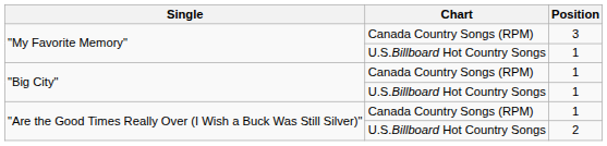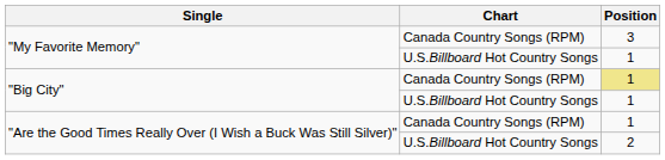 <table class="wikitable">
 <tr>
 <th>Single</th>
 <th>Chart</th>
 <th>Position</th>
 </tr>
 <tr>
 <td rowspan=2>"My Favorite Memory"</td>
 <td>Canada Country Songs (RPM)<br></td>
 <td align="center">3</td>
 </tr>
 <tr>
 <td>U.S.<em>Billboard</em> Hot Country Songs<br></td>
 <td align="center">1</td>
 </tr>
 <tr>
 <td rowspan=2>"Big City"</td>
 <td>Canada Country Songs (RPM)<br></td>
-<td align="center">1</td>
+<td align="center" style="background: khaki;">1</td>
 </tr>
 <tr>
 <td>U.S.<em>Billboard</em> Hot Country Songs<br></td>
 <td align="center">1</td>
 </tr>
 <tr>
 <td rowspan=2>"Are the Good Times Really Over (I Wish a Buck Was Still Silver)"</td>
 <td>Canada Country Songs (RPM)<br></td>
 <td align="center">1</td>
 </tr>
 <tr>
 <td>U.S.<em>Billboard</em> Hot Country Songs<br></td>
 <td align="center">2</td>
 </tr>
 </table>
